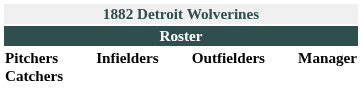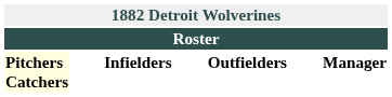 <table class="toccolours" style="font-size: 95%;">
 <tr>
 <th colspan="10" style="background-color: #F0F0F0; color: #2F4F4F; text-align: center;">1882 Detroit Wolverines</th>
 </tr>
 <tr>
 <td colspan="10" style="background-color: #2F4F4F; color: white; text-align: center;"><strong>Roster</strong></td>
 </tr>
 <tr>
-<td valign="top"><strong>Pitchers</strong><br>  <strong>Catchers</strong>  </td>
+<td valign="top" style="background: lightyellow;"><strong>Pitchers</strong><br>  <strong>Catchers</strong>  </td>
 <td width="25px"></td>
 <td valign="top"><strong>Infielders</strong><br>            </td>
 <td width="25px"></td>
 <td valign="top"><strong>Outfielders</strong><br>  </td>
 <td width="25px"></td>
 <td valign="top"><strong>Manager</strong><br></td>
 </tr>
 </table>
